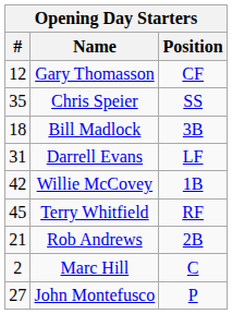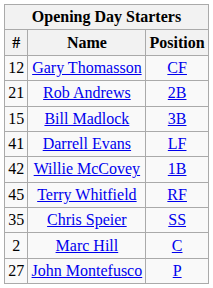 <table class="wikitable" style="text-align:center">
 <tr>
 <th colspan="3">Opening Day Starters</th>
 </tr>
 <tr>
 <th>#</th>
 <th>Name</th>
 <th>Position</th>
 </tr>
 <tr>
 <td>12</td>
 <td><a href='#'>Gary Thomasson</a></td>
 <td><a href='#'>CF</a></td>
 </tr>
 <tr>
-<td>35</td>
-<td><a href='#'>Chris Speier</a></td>
-<td><a href='#'>SS</a></td>
+<td>21</td>
+<td><a href='#'>Rob Andrews</a></td>
+<td><a href='#'>2B</a></td>
 </tr>
 <tr>
-<td>18</td>
+<td>15</td>
 <td><a href='#'>Bill Madlock</a></td>
 <td><a href='#'>3B</a></td>
 </tr>
 <tr>
-<td>31</td>
+<td>41</td>
 <td><a href='#'>Darrell Evans</a></td>
 <td><a href='#'>LF</a></td>
 </tr>
 <tr>
 <td>42</td>
 <td><a href='#'>Willie McCovey</a></td>
 <td><a href='#'>1B</a></td>
 </tr>
 <tr>
 <td>45</td>
 <td><a href='#'>Terry Whitfield</a></td>
 <td><a href='#'>RF</a></td>
 </tr>
 <tr>
-<td>21</td>
-<td><a href='#'>Rob Andrews</a></td>
-<td><a href='#'>2B</a></td>
+<td>35</td>
+<td><a href='#'>Chris Speier</a></td>
+<td><a href='#'>SS</a></td>
 </tr>
 <tr>
 <td>2</td>
 <td><a href='#'>Marc Hill</a></td>
 <td><a href='#'>C</a></td>
 </tr>
 <tr>
 <td>27</td>
 <td><a href='#'>John Montefusco</a></td>
 <td><a href='#'>P</a></td>
 </tr>
 <tr>
 </tr>
 </table>
